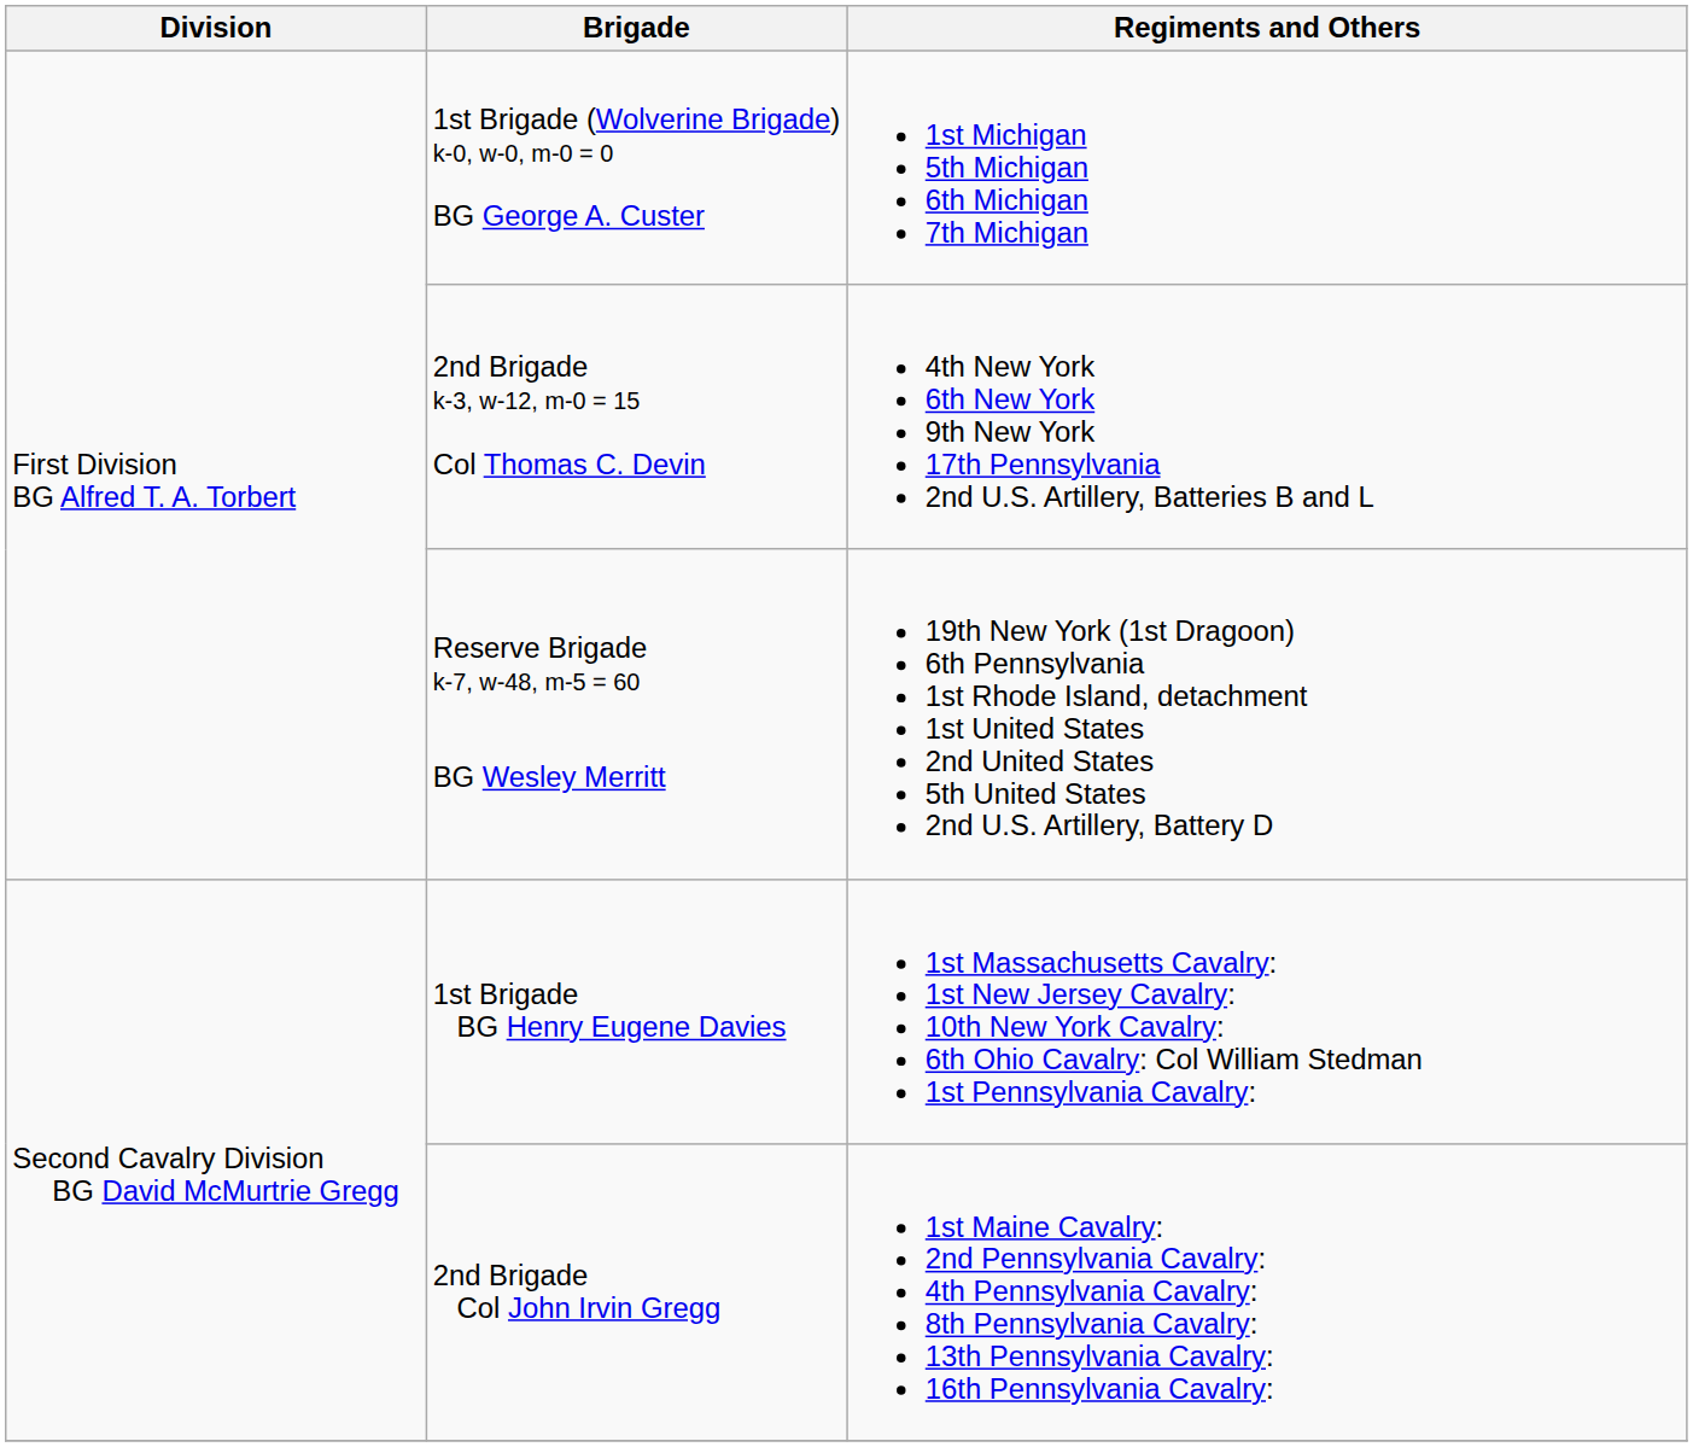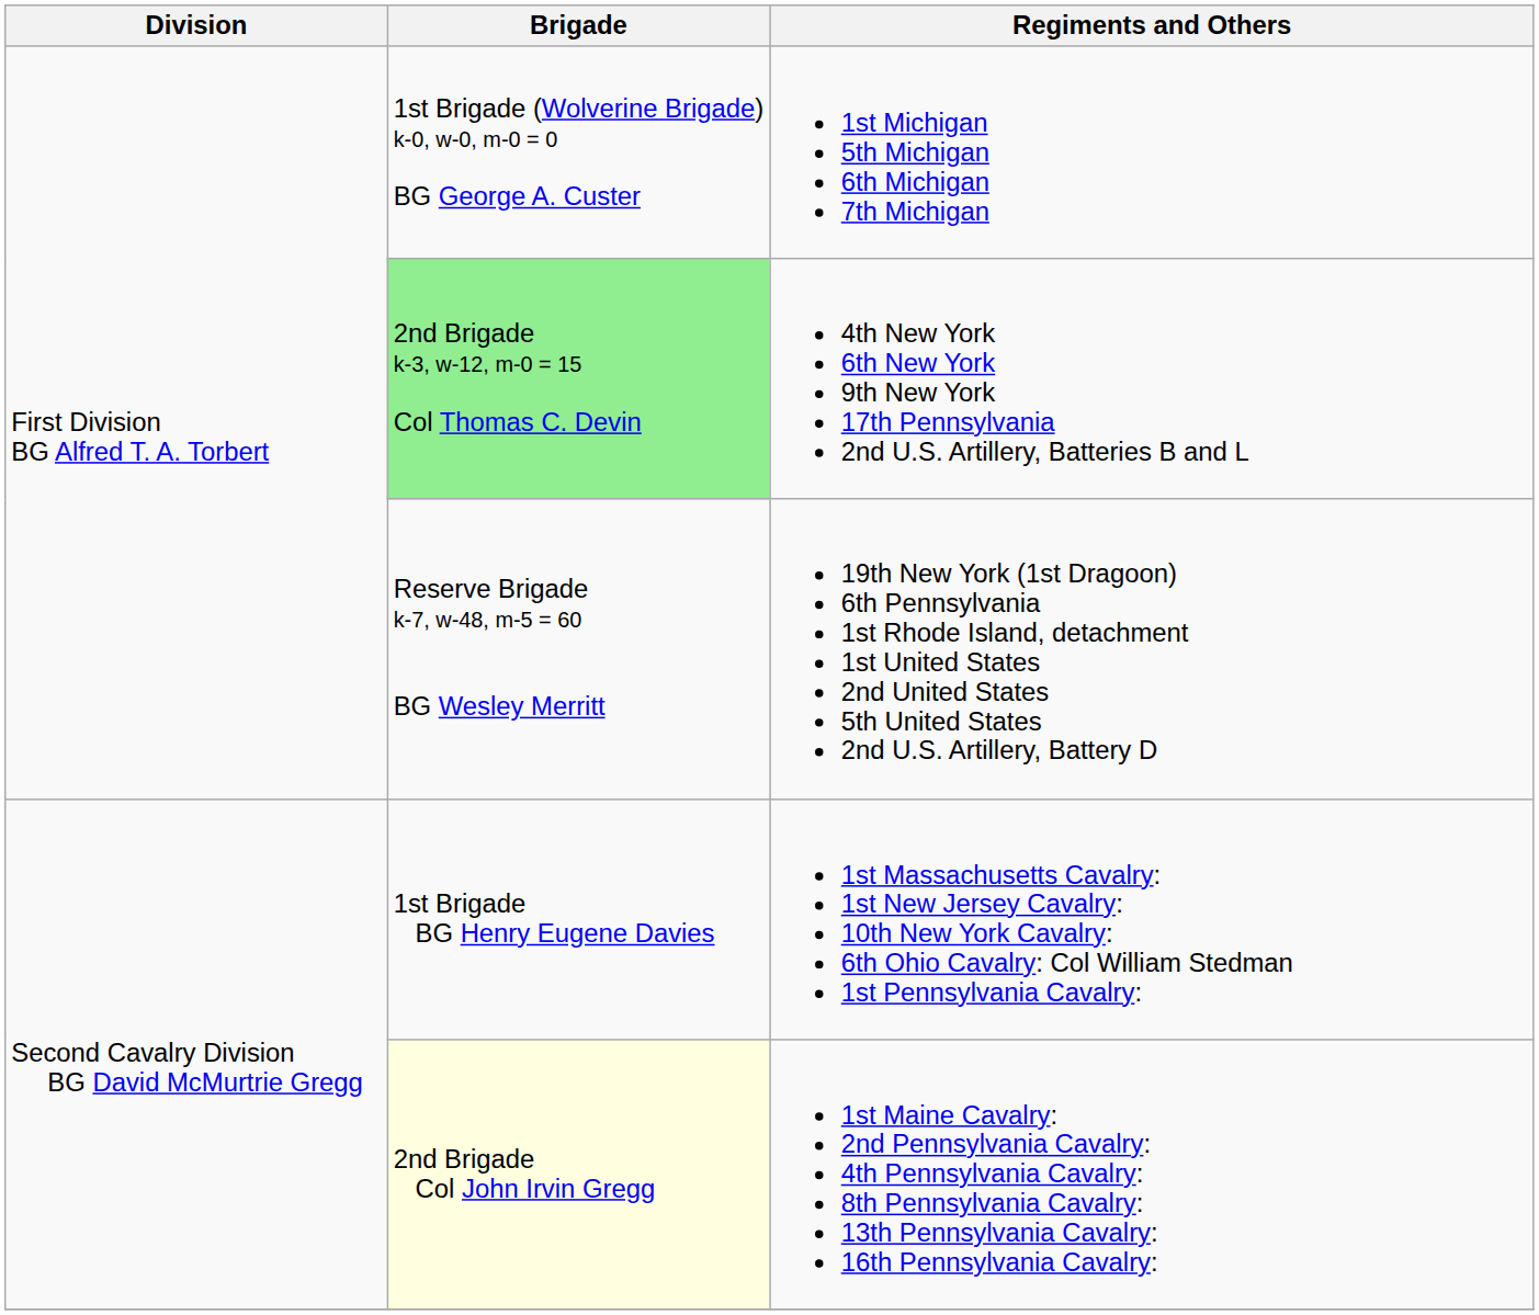 <table class="wikitable">
 <tr>
 <th width=25%>Division</th>
 <th width=25%>Brigade</th>
 <th>Regiments and Others</th>
 </tr>
 <tr>
 <td rowspan=3><br>First Division <br> BG <a href='#'>Alfred T. A. Torbert</a></td>
 <td>1st Brigade (<a href='#'>Wolverine Brigade</a>)<br><small>k-0, w-0, m-0 = 0</small><br><br> BG <a href='#'>George A. Custer</a></td>
 <td><br><ul><li><a href='#'>1st Michigan</a></li><li><a href='#'>5th Michigan</a></li><li><a href='#'>6th Michigan</a></li><li><a href='#'>7th Michigan</a></li></ul></td>
 </tr>
 <tr>
-<td>2nd Brigade<br><small>k-3, w-12, m-0 = 15</small><br><br> Col <a href='#'>Thomas C. Devin</a></td>
+<td style="background: lightgreen;">2nd Brigade<br><small>k-3, w-12, m-0 = 15</small><br><br> Col <a href='#'>Thomas C. Devin</a></td>
 <td><br><ul><li>4th New York</li><li><a href='#'>6th New York</a></li><li>9th New York</li><li><a href='#'>17th Pennsylvania</a></li><li>2nd U.S. Artillery, Batteries B and L</li></ul></td>
 </tr>
 <tr>
 <td>Reserve Brigade<br><small>k-7, w-48, m-5 = 60</small><br><br><br>BG <a href='#'>Wesley Merritt</a></td>
 <td><br><ul><li>19th New York (1st Dragoon)</li><li>6th Pennsylvania</li><li>1st Rhode Island, detachment</li><li>1st United States</li><li>2nd United States</li><li>5th United States</li><li>2nd U.S. Artillery, Battery D</li></ul></td>
 </tr>
 <tr>
 <td rowspan=2><br>Second Cavalry Division <br>     BG <a href='#'>David McMurtrie Gregg</a></td>
 <td>1st Brigade<br>   BG <a href='#'>Henry Eugene Davies</a></td>
 <td><br><ul><li><a href='#'>1st Massachusetts Cavalry</a>:</li><li><a href='#'>1st New Jersey Cavalry</a>:</li><li><a href='#'>10th New York Cavalry</a>:</li><li><a href='#'>6th Ohio Cavalry</a>: Col William Stedman</li><li><a href='#'>1st Pennsylvania Cavalry</a>:</li></ul></td>
 </tr>
 <tr>
-<td>2nd Brigade<br>   Col <a href='#'>John Irvin Gregg</a></td>
+<td style="background: lightyellow;">2nd Brigade<br>   Col <a href='#'>John Irvin Gregg</a></td>
 <td><br><ul><li><a href='#'>1st Maine Cavalry</a>:</li><li><a href='#'>2nd Pennsylvania Cavalry</a>:</li><li><a href='#'>4th Pennsylvania Cavalry</a>:</li><li><a href='#'>8th Pennsylvania Cavalry</a>:</li><li><a href='#'>13th Pennsylvania Cavalry</a>:</li><li><a href='#'>16th Pennsylvania Cavalry</a>:</li></ul></td>
 </tr>
 <tr>
 </tr>
 </table>
